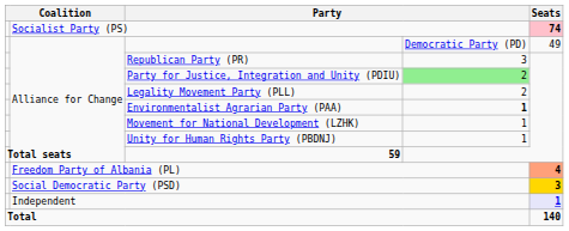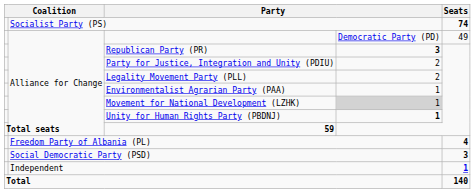 <table class="wikitable" style="text-align:right">
 <tr>
 <th colspan="2" rowspan="1">Coalition</th>
 <th colspan="2" rowspan="1">Party</th>
 <th style="text-align:center;">Seats</th>
 </tr>
 <tr>
 <td style="background:"></td>
 <td colspan="3" style="text-align:left;"><a href='#'>Socialist Party</a> (PS)</td>
-<td style="background: pink;"><strong>74</strong></td>
+<td><strong>74</strong></td>
 </tr>
 <tr>
 <td></td>
 <td rowspan="8" style="text-align:left;">Alliance for Change</td>
 <td></td>
 <td style="text-align:left;"><a href='#'>Democratic Party</a> (PD)</td>
 <td>49</td>
 </tr>
 <tr>
 <td></td>
 <td style="text-align:left;"><a href='#'>Republican Party</a> (PR)</td>
-<td>3</td>
+<td><strong>3</strong></td>
 </tr>
 <tr>
 <td></td>
 <td style="text-align:left;"><a href='#'>Party for Justice, Integration and Unity</a> (PDIU)</td>
-<td style="background: lightgreen;">2</td>
+<td>2</td>
 </tr>
 <tr>
 <td></td>
 <td style="text-align:left;"><a href='#'>Legality Movement Party</a> (PLL)</td>
 <td>2</td>
 </tr>
 <tr>
 <td></td>
 <td style="text-align:left;"><a href='#'>Environmentalist Agrarian Party</a> (PAA)</td>
-<td><strong>1</strong></td>
+<td>1</td>
 </tr>
 <tr>
 <td></td>
 <td style="text-align:left;"><a href='#'>Movement for National Development</a> (LZHK)</td>
-<td>1</td>
+<td style="background: lightgrey;">1</td>
 </tr>
 <tr>
 <td></td>
 <td style="text-align:left;"><a href='#'>Unity for Human Rights Party</a> (PBDNJ)</td>
-<td>1</td>
+<td><strong>1</strong></td>
 </tr>
 <tr>
 <td colspan="2" style="text-align:left;"><strong>Total seats</strong></td>
 <td><strong>59</strong></td>
 </tr>
 <tr>
 <td style="background:"></td>
 <td colspan="3" style="text-align:left;"><a href='#'>Freedom Party of Albania</a> (PL)</td>
-<td style="background: lightsalmon;"><strong>4</strong></td>
+<td><strong>4</strong></td>
 </tr>
 <tr>
 <td style="background:"></td>
 <td colspan="3" style="text-align:left;"><a href='#'>Social Democratic Party</a> (PSD)</td>
-<td style="background: gold;"><strong>3</strong></td>
+<td><strong>3</strong></td>
 </tr>
 <tr>
 <td style="background:"></td>
 <td colspan="3" style="text-align:left;">Independent</td>
-<td style="background: lavender;"><strong><a href='#'>1</a></strong></td>
+<td><strong><a href='#'>1</a></strong></td>
 </tr>
 <tr>
 <td colspan="4" style="text-align:left;"><strong>Total</strong></td>
 <td><strong>140</strong></td>
 </tr>
 </table>
